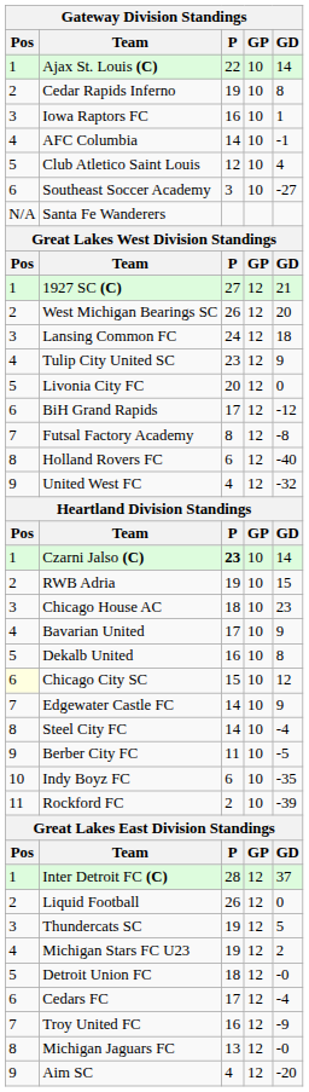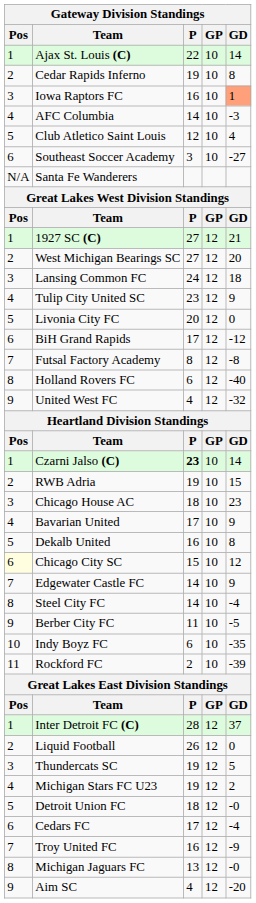 <table class="wikitable mw-collapsible">
 <tr>
 <th colspan="5">Gateway Division Standings</th>
 </tr>
 <tr>
 <th>Pos</th>
 <th>Team</th>
 <th>P</th>
 <th>GP</th>
 <th>GD</th>
 </tr>
 <tr style="background:#DDFCDD">
 <td>1</td>
 <td>Ajax St. Louis <strong>(C)</strong></td>
 <td>22</td>
 <td>10</td>
 <td>14</td>
 </tr>
 <tr>
 <td>2</td>
 <td>Cedar Rapids Inferno</td>
 <td>19</td>
 <td>10</td>
 <td>8</td>
 </tr>
 <tr>
 <td>3</td>
 <td>Iowa Raptors FC</td>
 <td>16</td>
 <td>10</td>
-<td>1</td>
+<td style="background: lightsalmon;">1</td>
 </tr>
 <tr>
 <td>4</td>
 <td>AFC Columbia</td>
 <td>14</td>
 <td>10</td>
-<td>-1</td>
+<td>-3</td>
 </tr>
 <tr>
 <td>5</td>
 <td>Club Atletico Saint Louis</td>
 <td>12</td>
 <td>10</td>
 <td>4</td>
 </tr>
 <tr>
 <td>6</td>
 <td>Southeast Soccer Academy</td>
 <td>3</td>
 <td>10</td>
 <td>-27</td>
 </tr>
 <tr>
 <td>N/A</td>
 <td>Santa Fe Wanderers</td>
 <td></td>
 <td></td>
 <td></td>
 </tr>
 <tr>
 <th colspan="5">Great Lakes West Division Standings</th>
 </tr>
 <tr>
 <th>Pos</th>
 <th>Team</th>
 <th>P</th>
 <th>GP</th>
 <th>GD</th>
 </tr>
 <tr style="background:#DDFCDD">
 <td>1</td>
 <td>1927 SC <strong>(C)</strong></td>
 <td>27</td>
 <td>12</td>
 <td>21</td>
 </tr>
 <tr>
 <td>2</td>
 <td>West Michigan Bearings SC</td>
-<td>26</td>
+<td>27</td>
 <td>12</td>
 <td>20</td>
 </tr>
 <tr>
 <td>3</td>
 <td>Lansing Common FC</td>
 <td>24</td>
 <td>12</td>
 <td>18</td>
 </tr>
 <tr>
 <td>4</td>
 <td>Tulip City United SC</td>
 <td>23</td>
 <td>12</td>
 <td>9</td>
 </tr>
 <tr>
 <td>5</td>
 <td>Livonia City FC</td>
 <td>20</td>
 <td>12</td>
 <td>0</td>
 </tr>
 <tr>
 <td>6</td>
 <td>BiH Grand Rapids</td>
 <td>17</td>
 <td>12</td>
 <td>-12</td>
 </tr>
 <tr>
 <td>7</td>
 <td>Futsal Factory Academy</td>
 <td>8</td>
 <td>12</td>
 <td>-8</td>
 </tr>
 <tr>
 <td>8</td>
 <td>Holland Rovers FC</td>
 <td>6</td>
 <td>12</td>
 <td>-40</td>
 </tr>
 <tr>
 <td>9</td>
 <td>United West FC</td>
 <td>4</td>
 <td>12</td>
 <td>-32</td>
 </tr>
 <tr>
 <th colspan="5">Heartland Division Standings</th>
 </tr>
 <tr>
 <th>Pos</th>
 <th>Team</th>
 <th>P</th>
 <th>GP</th>
 <th>GD</th>
 </tr>
 <tr style="background:#DDFCDD">
 <td>1</td>
 <td>Czarni Jalso <strong>(C)</strong></td>
 <td><strong>23</strong></td>
 <td>10</td>
 <td>14</td>
 </tr>
 <tr>
 <td>2</td>
 <td>RWB Adria</td>
 <td>19</td>
 <td>10</td>
 <td>15</td>
 </tr>
 <tr>
 <td>3</td>
 <td>Chicago House AC</td>
 <td>18</td>
 <td>10</td>
 <td>23</td>
 </tr>
 <tr>
 <td>4</td>
 <td>Bavarian United</td>
 <td>17</td>
 <td>10</td>
 <td>9</td>
 </tr>
 <tr>
 <td>5</td>
 <td>Dekalb United</td>
 <td>16</td>
 <td>10</td>
 <td>8</td>
 </tr>
 <tr>
 <td style="background: lightyellow;">6</td>
 <td>Chicago City SC</td>
 <td>15</td>
 <td>10</td>
 <td>12</td>
 </tr>
 <tr>
 <td>7</td>
 <td>Edgewater Castle FC</td>
 <td>14</td>
 <td>10</td>
 <td>9</td>
 </tr>
 <tr>
 <td>8</td>
 <td>Steel City FC</td>
 <td>14</td>
 <td>10</td>
 <td>-4</td>
 </tr>
 <tr>
 <td>9</td>
 <td>Berber City FC</td>
 <td>11</td>
 <td>10</td>
 <td>-5</td>
 </tr>
 <tr>
 <td>10</td>
 <td>Indy Boyz FC</td>
 <td>6</td>
 <td>10</td>
 <td>-35</td>
 </tr>
 <tr>
 <td>11</td>
 <td>Rockford FC</td>
 <td>2</td>
 <td>10</td>
 <td>-39</td>
 </tr>
 <tr>
 <th colspan="5">Great Lakes East Division Standings</th>
 </tr>
 <tr>
 <th>Pos</th>
 <th>Team</th>
 <th>P</th>
 <th>GP</th>
 <th>GD</th>
 </tr>
 <tr style="background:#DDFCDD">
 <td>1</td>
 <td>Inter Detroit FC <strong>(C)</strong></td>
 <td>28</td>
 <td>12</td>
 <td>37</td>
 </tr>
 <tr>
 <td>2</td>
 <td>Liquid Football</td>
 <td>26</td>
 <td>12</td>
 <td>0</td>
 </tr>
 <tr>
 <td>3</td>
 <td>Thundercats SC</td>
 <td>19</td>
 <td>12</td>
 <td>5</td>
 </tr>
 <tr>
 <td>4</td>
 <td>Michigan Stars FC U23</td>
 <td>19</td>
 <td>12</td>
 <td>2</td>
 </tr>
 <tr>
 <td>5</td>
 <td>Detroit Union FC</td>
 <td>18</td>
 <td>12</td>
 <td>-0</td>
 </tr>
 <tr>
 <td>6</td>
 <td>Cedars FC</td>
 <td>17</td>
 <td>12</td>
 <td>-4</td>
 </tr>
 <tr>
 <td>7</td>
 <td>Troy United FC</td>
 <td>16</td>
 <td>12</td>
 <td>-9</td>
 </tr>
 <tr>
 <td>8</td>
 <td>Michigan Jaguars FC</td>
 <td>13</td>
 <td>12</td>
 <td>-0</td>
 </tr>
 <tr>
 <td>9</td>
 <td>Aim SC</td>
 <td>4</td>
 <td>12</td>
 <td>-20</td>
 </tr>
 </table>
